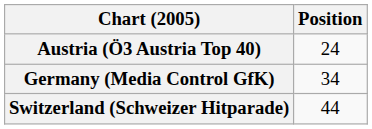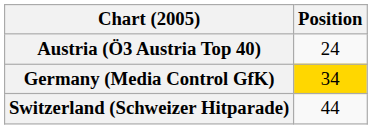 <table class="wikitable sortable plainrowheaders" style="text-align:center">
 <tr>
 <th>Chart (2005)</th>
 <th>Position</th>
 </tr>
 <tr>
 <th scope="row">Austria (Ö3 Austria Top 40)</th>
 <td>24</td>
 </tr>
 <tr>
 <th scope="row">Germany (Media Control GfK)</th>
-<td>34</td>
+<td style="background: gold;">34</td>
 </tr>
 <tr>
 <th scope="row">Switzerland (Schweizer Hitparade)</th>
 <td>44</td>
 </tr>
 </table>
